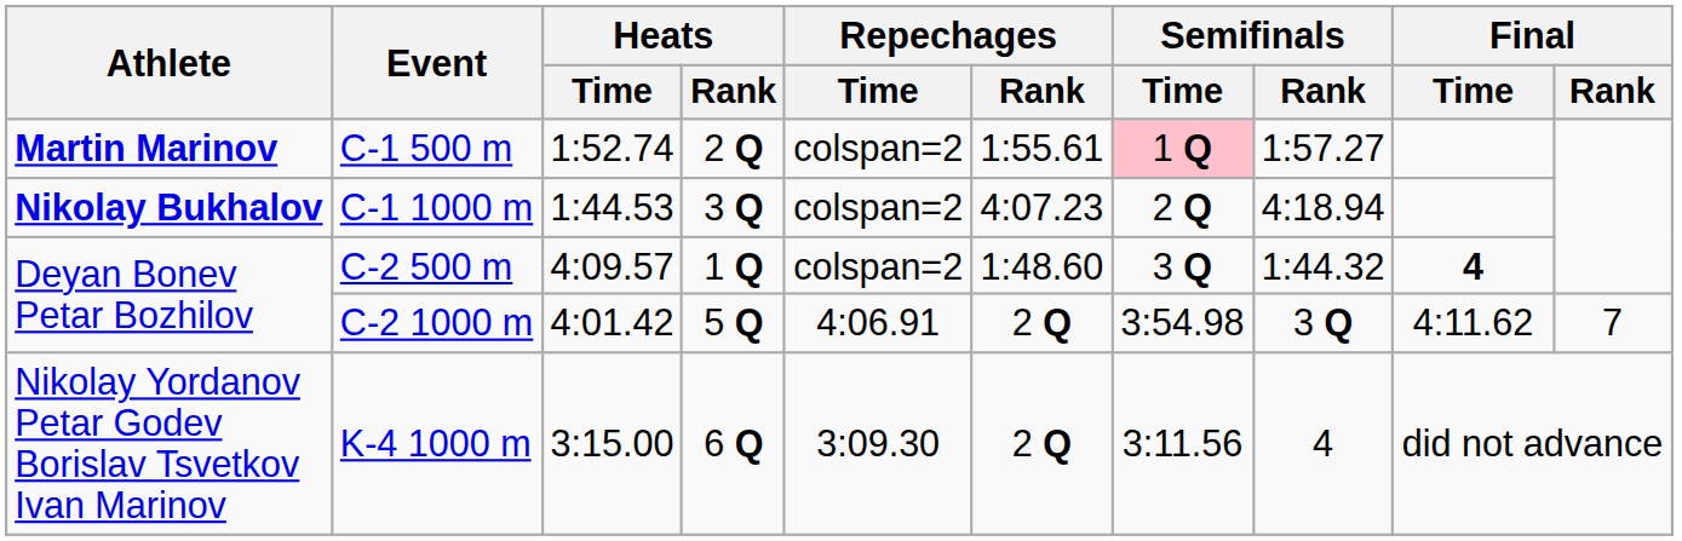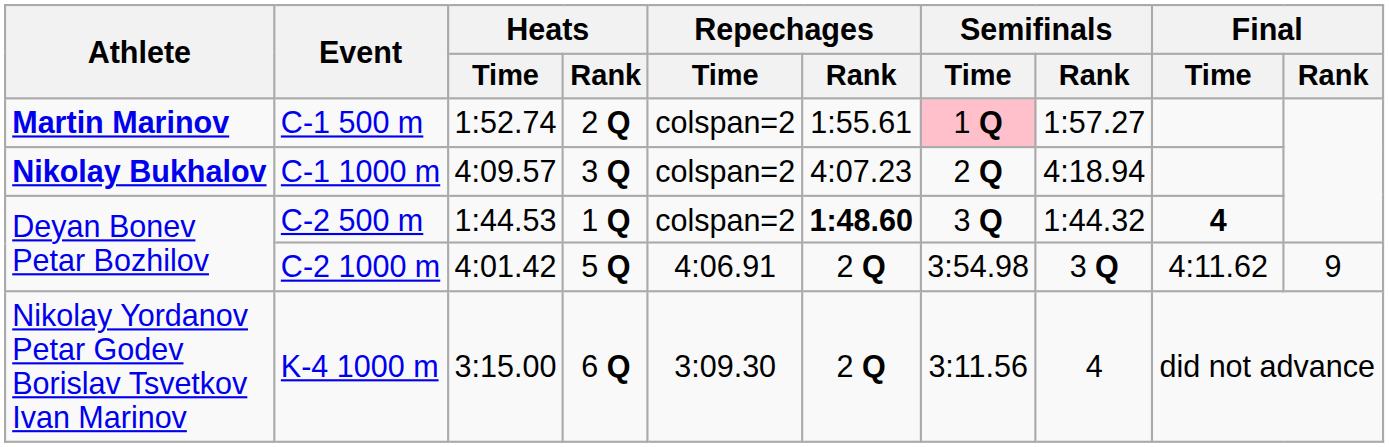 <table class="wikitable" style="font-size:90%; text-align:center;">
 <tr>
 <th rowspan=2>Athlete</th>
 <th rowspan=2>Event</th>
 <th colspan=2>Heats</th>
 <th colspan=2>Repechages</th>
 <th colspan=2>Semifinals</th>
 <th colspan=2>Final</th>
 </tr>
 <tr style="font-size:95%">
 <th>Time</th>
 <th>Rank</th>
 <th>Time</th>
 <th>Rank</th>
 <th>Time</th>
 <th>Rank</th>
 <th>Time</th>
 <th>Rank</th>
 </tr>
 <tr>
 <td align=left rowspan=1><strong><a href='#'>Martin Marinov</a></strong></td>
 <td align=left><a href='#'>C-1 500 m</a></td>
 <td>1:52.74</td>
 <td>2 <strong>Q</strong></td>
 <td>colspan=2 </td>
 <td>1:55.61</td>
 <td style="background: pink;">1 <strong>Q</strong></td>
 <td>1:57.27</td>
 <td></td>
 </tr>
 <tr>
 <td align=left rowspan=1><strong><a href='#'>Nikolay Bukhalov</a></strong></td>
 <td align=left><a href='#'>C-1 1000 m</a></td>
-<td>1:44.53</td>
+<td>4:09.57</td>
 <td>3 <strong>Q</strong></td>
 <td>colspan=2 </td>
 <td>4:07.23</td>
 <td>2 <strong>Q</strong></td>
 <td>4:18.94</td>
 <td></td>
 </tr>
 <tr>
 <td align=left rowspan=2><a href='#'>Deyan Bonev</a><br> <a href='#'>Petar Bozhilov</a></td>
 <td align=left><a href='#'>C-2 500 m</a></td>
-<td>4:09.57</td>
+<td>1:44.53</td>
 <td>1 <strong>Q</strong></td>
 <td>colspan=2 </td>
-<td>1:48.60</td>
+<td><strong>1:48.60</strong></td>
 <td>3 <strong>Q</strong></td>
 <td>1:44.32</td>
 <td><strong>4</strong></td>
 </tr>
 <tr>
 <td align=left><a href='#'>C-2 1000 m</a></td>
 <td>4:01.42</td>
 <td>5 <strong>Q</strong></td>
 <td>4:06.91</td>
 <td>2 <strong>Q</strong></td>
 <td>3:54.98</td>
 <td>3 <strong>Q</strong></td>
 <td>4:11.62</td>
-<td>7</td>
+<td>9</td>
 </tr>
 <tr>
 <td align=left><a href='#'>Nikolay Yordanov</a><br> <a href='#'>Petar Godev</a><br><a href='#'>Borislav Tsvetkov</a><br><a href='#'>Ivan Marinov</a></td>
 <td align=left><a href='#'>K-4 1000 m</a></td>
 <td>3:15.00</td>
 <td>6 <strong>Q</strong></td>
 <td>3:09.30</td>
 <td>2 <strong>Q</strong></td>
 <td>3:11.56</td>
 <td>4</td>
 <td colspan=2>did not advance</td>
 </tr>
 </table>
